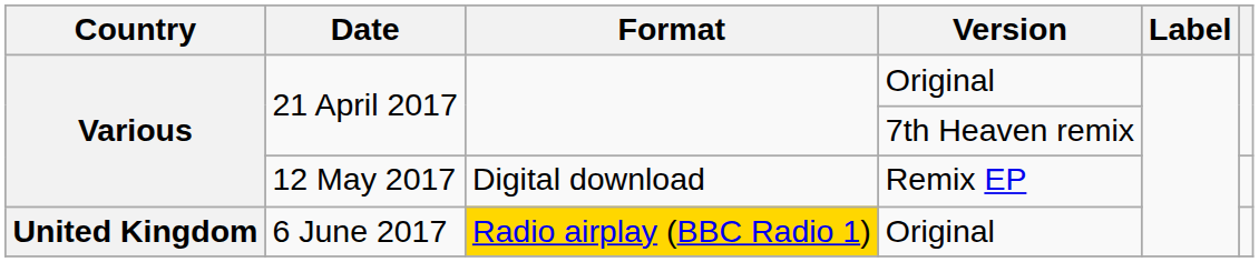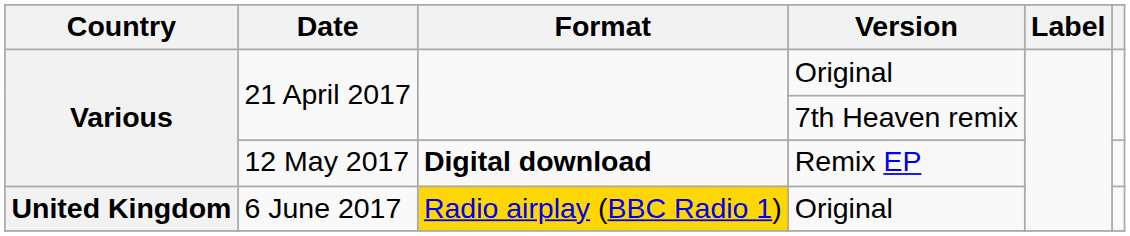 <table class="wikitable plainrowheaders">
 <tr>
 <th>Country</th>
 <th>Date</th>
 <th>Format</th>
 <th>Version</th>
 <th>Label</th>
 <th></th>
 </tr>
 <tr>
 <th scope="row" rowspan="3">Various</th>
 <td rowspan="2">21 April 2017</td>
 <td rowspan="2"><br></td>
 <td>Original</td>
 <td rowspan="4"></td>
 <td rowspan="2"></td>
 </tr>
 <tr>
 <td>7th Heaven remix</td>
 </tr>
 <tr>
 <td>12 May 2017</td>
-<td>Digital download</td>
+<td><strong>Digital download</strong></td>
 <td>Remix <a href='#'>EP</a></td>
 <td></td>
 </tr>
 <tr>
 <th scope="row">United Kingdom</th>
 <td>6 June 2017</td>
 <td style="background: gold;"><a href='#'>Radio airplay</a> (<a href='#'>BBC Radio 1</a>)</td>
 <td>Original</td>
 <td></td>
 </tr>
 </table>
